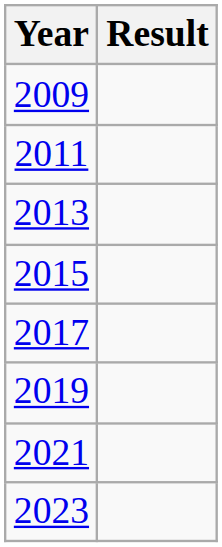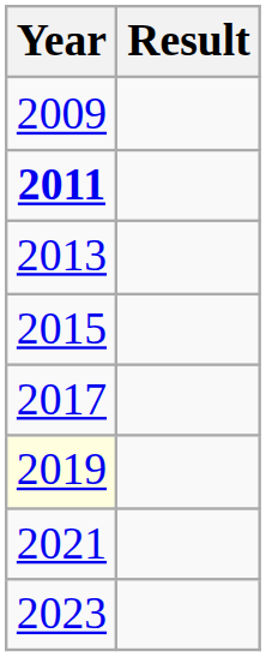 <table class="wikitable" style="text-align:center">
 <tr>
 <th>Year</th>
 <th>Result</th>
 </tr>
 <tr>
 <td><a href='#'>2009</a></td>
 <td></td>
 </tr>
 <tr>
-<td><a href='#'>2011</a></td>
+<td><strong><a href='#'>2011</a></strong></td>
 <td></td>
 </tr>
 <tr>
 <td><a href='#'>2013</a></td>
 <td></td>
 </tr>
 <tr>
 <td><a href='#'>2015</a></td>
 <td></td>
 </tr>
 <tr>
 <td><a href='#'>2017</a></td>
 <td></td>
 </tr>
 <tr>
-<td><a href='#'>2019</a></td>
+<td style="background: lightyellow;"><a href='#'>2019</a></td>
 <td></td>
 </tr>
 <tr>
 <td><a href='#'>2021</a></td>
 <td></td>
 </tr>
 <tr>
 <td><a href='#'>2023</a></td>
 <td></td>
 </tr>
 </table>
